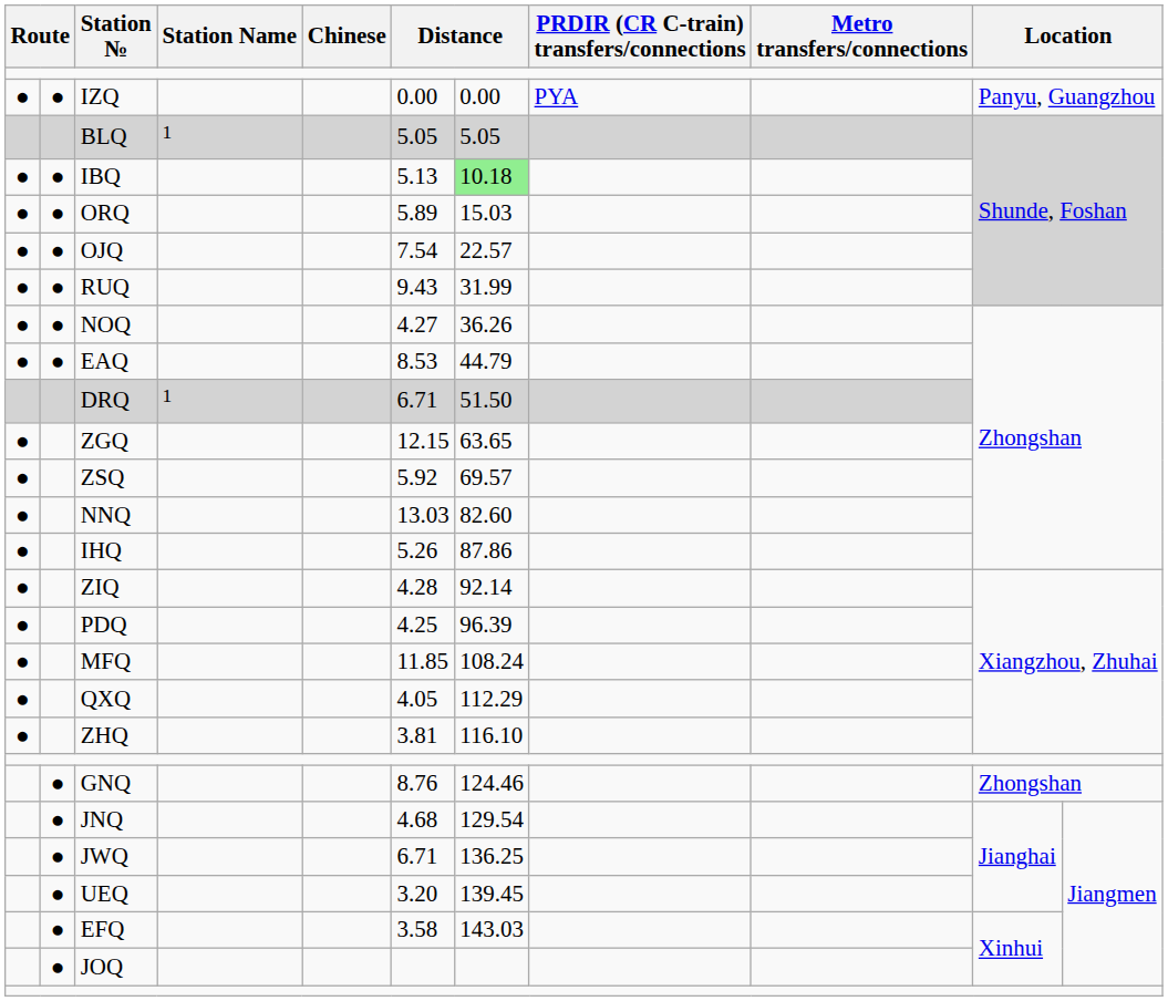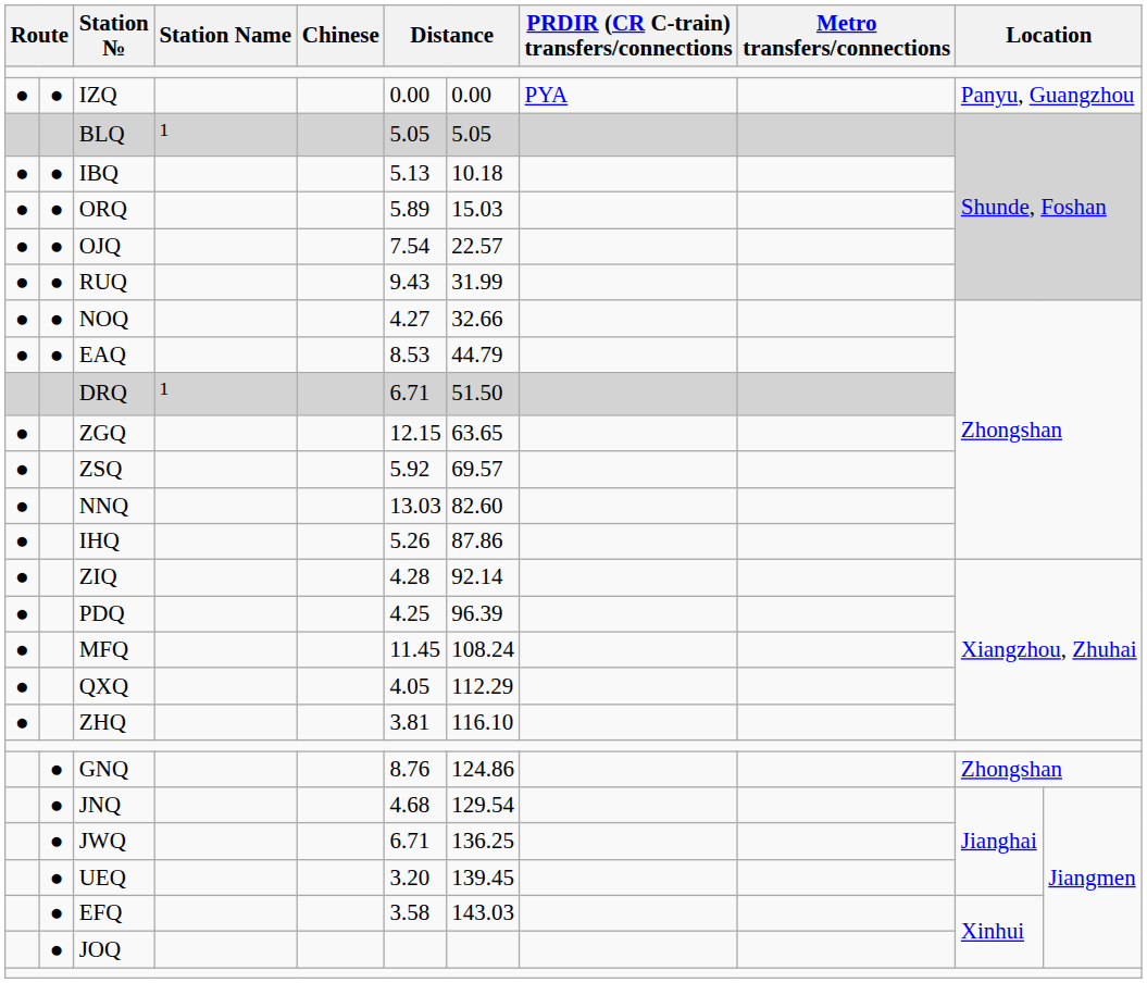 <table class="wikitable">
 <tr>
 <th colspan="2">Route</th>
 <th>Station<br>№</th>
 <th>Station Name</th>
 <th>Chinese</th>
 <th colspan="2">Distance<br></th>
 <th><a href='#'>PRDIR</a> (<a href='#'>CR</a> C-train)<br>transfers/connections</th>
 <th><a href='#'>Metro</a><br>transfers/connections</th>
 <th colspan="2">Location</th>
 </tr>
 <tr style="background:#">
 <td colspan = "11"></td>
 </tr>
 <tr>
 <td align="center">●</td>
 <td align="center">●</td>
 <td>IZQ</td>
 <td> </td>
 <td></td>
 <td>0.00</td>
 <td>0.00</td>
 <td> <a href='#'>PYA</a>   </td>
 <td>   <br> </td>
 <td colspan="2"><a href='#'>Panyu</a>, <a href='#'>Guangzhou</a></td>
 </tr>
 <tr bgcolor="lightgrey">
 <td align="center"></td>
 <td align="center"></td>
 <td>BLQ</td>
 <td><sup>1</sup></td>
 <td></td>
 <td>5.05</td>
 <td>5.05</td>
 <td></td>
 <td></td>
 <td colspan="2" rowspan="5"><a href='#'>Shunde</a>, <a href='#'>Foshan</a></td>
 </tr>
 <tr>
 <td align="center">●</td>
 <td align="center">●</td>
 <td>IBQ</td>
 <td></td>
 <td></td>
 <td>5.13</td>
-<td style="background: lightgreen;">10.18</td>
+<td>10.18</td>
 <td></td>
 <td></td>
 </tr>
 <tr>
 <td align="center">●</td>
 <td align="center">●</td>
 <td>ORQ</td>
 <td></td>
 <td></td>
 <td>5.89</td>
 <td>15.03</td>
 <td></td>
 <td></td>
 </tr>
 <tr>
 <td align="center">●</td>
 <td align="center">●</td>
 <td>OJQ</td>
 <td> </td>
 <td></td>
 <td>7.54</td>
 <td>22.57</td>
 <td></td>
 <td> </td>
 </tr>
 <tr>
 <td align="center">●</td>
 <td align="center">●</td>
 <td>RUQ</td>
 <td></td>
 <td></td>
 <td>9.43</td>
 <td>31.99</td>
 <td></td>
 <td></td>
 </tr>
 <tr>
 <td align="center">●</td>
 <td align="center">●</td>
 <td>NOQ</td>
 <td></td>
 <td></td>
 <td>4.27</td>
-<td>36.26</td>
+<td>32.66</td>
 <td></td>
 <td></td>
 <td colspan="2" rowspan="7"><a href='#'>Zhongshan</a></td>
 </tr>
 <tr>
 <td align="center">●</td>
 <td align="center">●</td>
 <td>EAQ</td>
 <td></td>
 <td></td>
 <td>8.53</td>
 <td>44.79</td>
 <td></td>
 <td></td>
 </tr>
 <tr bgcolor="lightgrey">
 <td align="center"></td>
 <td align="center"></td>
 <td>DRQ</td>
 <td><sup>1</sup></td>
 <td></td>
 <td>6.71</td>
 <td>51.50</td>
 <td></td>
 <td></td>
 </tr>
 <tr>
 <td align="center">●</td>
 <td align="center"></td>
 <td>ZGQ</td>
 <td> </td>
 <td></td>
 <td>12.15</td>
 <td>63.65</td>
 <td></td>
 <td></td>
 </tr>
 <tr>
 <td align="center">●</td>
 <td align="center"></td>
 <td>ZSQ</td>
 <td></td>
 <td></td>
 <td>5.92</td>
 <td>69.57</td>
 <td></td>
 <td></td>
 </tr>
 <tr>
 <td align="center">●</td>
 <td align="center"></td>
 <td>NNQ</td>
 <td></td>
 <td></td>
 <td>13.03</td>
 <td>82.60</td>
 <td></td>
 <td></td>
 </tr>
 <tr>
 <td align="center">●</td>
 <td align="center"></td>
 <td>IHQ</td>
 <td></td>
 <td></td>
 <td>5.26</td>
 <td>87.86</td>
 <td></td>
 <td></td>
 </tr>
 <tr>
 <td align="center">●</td>
 <td align="center"></td>
 <td>ZIQ</td>
 <td> </td>
 <td></td>
 <td>4.28</td>
 <td>92.14</td>
 <td></td>
 <td></td>
 <td colspan="2" rowspan="5"><a href='#'>Xiangzhou</a>, <a href='#'>Zhuhai</a></td>
 </tr>
 <tr>
 <td align="center">●</td>
 <td align="center"></td>
 <td>PDQ</td>
 <td></td>
 <td></td>
 <td>4.25</td>
 <td>96.39</td>
 <td></td>
 <td></td>
 </tr>
 <tr>
 <td align="center">●</td>
 <td align="center"></td>
 <td>MFQ</td>
 <td></td>
 <td></td>
-<td>11.85</td>
+<td>11.45</td>
 <td>108.24</td>
 <td></td>
 <td></td>
 </tr>
 <tr>
 <td align="center">●</td>
 <td align="center"></td>
 <td>QXQ</td>
 <td></td>
 <td></td>
 <td>4.05</td>
 <td>112.29</td>
 <td></td>
 <td></td>
 </tr>
 <tr>
 <td align="center">●</td>
 <td align="center"></td>
 <td>ZHQ</td>
 <td></td>
 <td></td>
 <td>3.81</td>
 <td>116.10</td>
 <td></td>
 <td></td>
 </tr>
 <tr style="background:#">
 <td colspan = "11"></td>
 </tr>
 <tr>
 <td align="center"></td>
 <td align="center">●</td>
 <td>GNQ</td>
 <td></td>
 <td></td>
 <td>8.76</td>
-<td>124.46</td>
+<td>124.86</td>
 <td></td>
 <td></td>
 <td colspan="2"><a href='#'>Zhongshan</a></td>
 </tr>
 <tr>
 <td align="center"></td>
 <td align="center">●</td>
 <td>JNQ</td>
 <td></td>
 <td></td>
 <td>4.68</td>
 <td>129.54</td>
 <td></td>
 <td></td>
 <td rowspan="3"><a href='#'>Jianghai</a></td>
 <td rowspan="5"><a href='#'>Jiangmen</a></td>
 </tr>
 <tr>
 <td align="center"></td>
 <td align="center">●</td>
 <td>JWQ</td>
 <td> </td>
 <td></td>
 <td>6.71</td>
 <td>136.25</td>
 <td></td>
 <td></td>
 </tr>
 <tr>
 <td align="center"></td>
 <td align="center">●</td>
 <td>UEQ</td>
 <td></td>
 <td></td>
 <td>3.20</td>
 <td>139.45</td>
 <td></td>
 <td></td>
 </tr>
 <tr>
 <td align="center"></td>
 <td align="center">●</td>
 <td>EFQ</td>
 <td></td>
 <td></td>
 <td>3.58</td>
 <td>143.03</td>
 <td></td>
 <td></td>
 <td rowspan="2"><a href='#'>Xinhui</a></td>
 </tr>
 <tr>
 <td align="center"></td>
 <td align="center">●</td>
 <td>JOQ</td>
 <td></td>
 <td></td>
 <td></td>
 <td></td>
 <td></td>
 <td></td>
 </tr>
 <tr style="background:#">
 <td colspan = "11"></td>
 </tr>
 </table>
